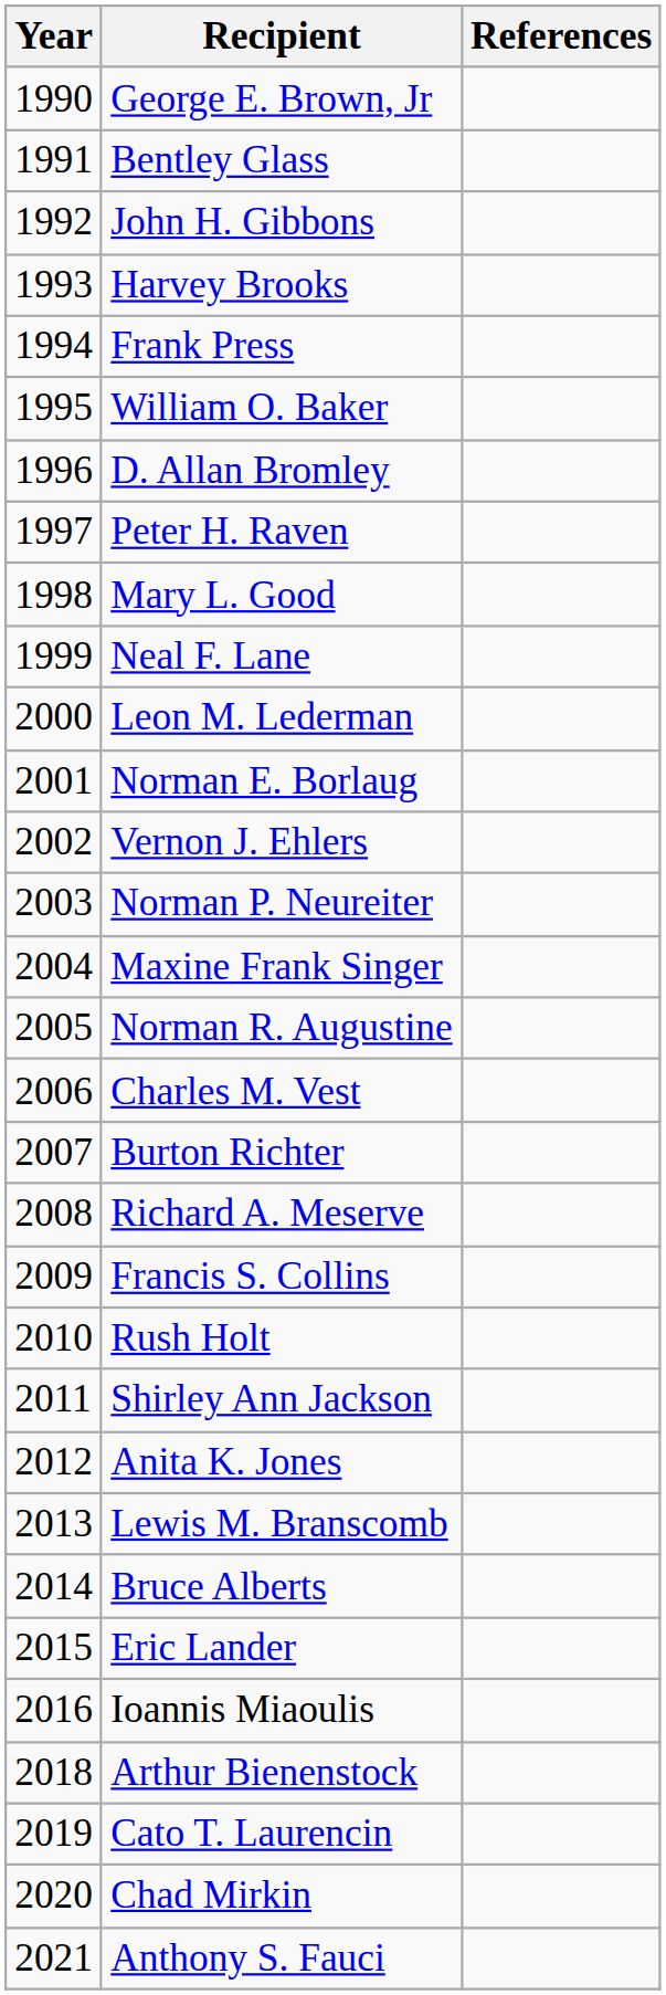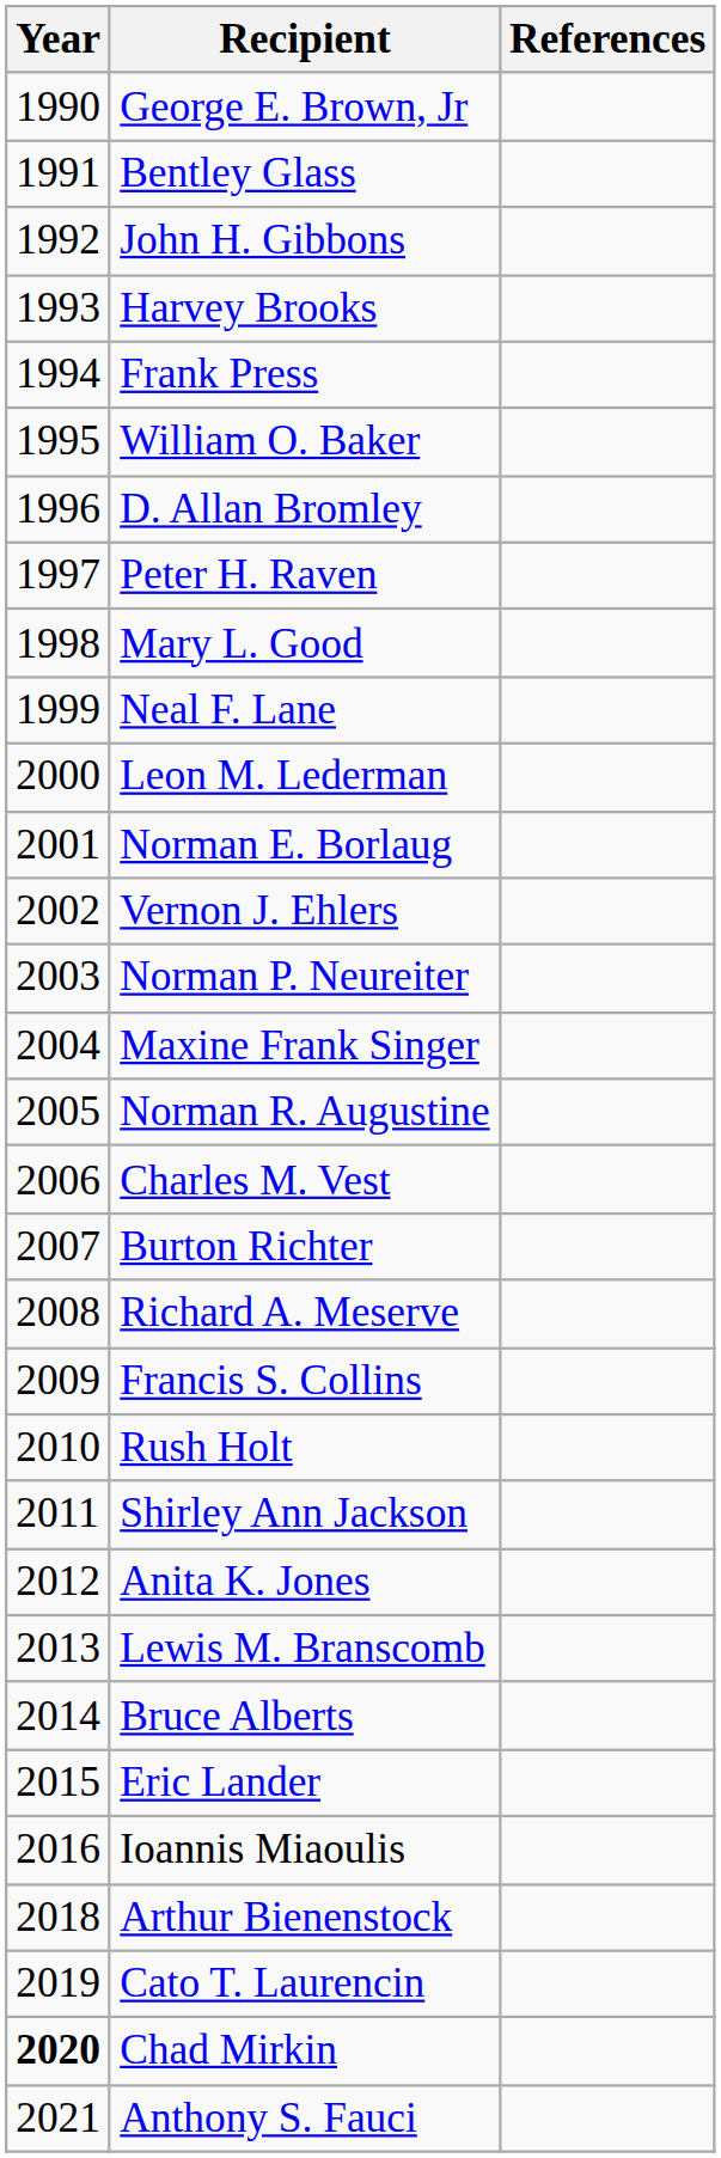 <table class="wikitable">
 <tr ---->
 <th>Year</th>
 <th>Recipient</th>
 <th>References</th>
 </tr>
 <tr ---->
 <td>1990</td>
 <td><a href='#'>George E. Brown, Jr</a></td>
 <td></td>
 </tr>
 <tr ---->
 <td>1991</td>
 <td><a href='#'>Bentley Glass</a></td>
 <td></td>
 </tr>
 <tr ---->
 <td>1992</td>
 <td><a href='#'>John H. Gibbons</a></td>
 <td></td>
 </tr>
 <tr ---->
 <td>1993</td>
 <td><a href='#'>Harvey Brooks</a></td>
 <td></td>
 </tr>
 <tr ---->
 <td>1994</td>
 <td><a href='#'>Frank Press</a></td>
 <td></td>
 </tr>
 <tr ---->
 <td>1995</td>
 <td><a href='#'>William O. Baker</a></td>
 <td></td>
 </tr>
 <tr ---->
 <td>1996</td>
 <td><a href='#'>D. Allan Bromley</a></td>
 <td></td>
 </tr>
 <tr ---->
 <td>1997</td>
 <td><a href='#'>Peter H. Raven</a></td>
 <td></td>
 </tr>
 <tr ---->
 <td>1998</td>
 <td><a href='#'>Mary L. Good</a></td>
 <td></td>
 </tr>
 <tr ---->
 <td>1999</td>
 <td><a href='#'>Neal F. Lane</a></td>
 <td></td>
 </tr>
 <tr ---->
 <td>2000</td>
 <td><a href='#'>Leon M. Lederman</a></td>
 <td></td>
 </tr>
 <tr ---->
 <td>2001</td>
 <td><a href='#'>Norman E. Borlaug</a></td>
 <td></td>
 </tr>
 <tr ---->
 <td>2002</td>
 <td><a href='#'>Vernon J. Ehlers</a></td>
 <td></td>
 </tr>
 <tr ---->
 <td>2003</td>
 <td><a href='#'>Norman P. Neureiter</a></td>
 <td></td>
 </tr>
 <tr ---->
 <td>2004</td>
 <td><a href='#'>Maxine Frank Singer</a></td>
 <td></td>
 </tr>
 <tr ---->
 <td>2005</td>
 <td><a href='#'>Norman R. Augustine</a></td>
 <td></td>
 </tr>
 <tr ---->
 <td>2006</td>
 <td><a href='#'>Charles M. Vest</a></td>
 <td></td>
 </tr>
 <tr ---->
 <td>2007</td>
 <td><a href='#'>Burton Richter</a></td>
 <td></td>
 </tr>
 <tr ---->
 <td>2008</td>
 <td><a href='#'>Richard A. Meserve</a></td>
 <td></td>
 </tr>
 <tr ---->
 <td>2009</td>
 <td><a href='#'>Francis S. Collins</a></td>
 <td></td>
 </tr>
 <tr ---->
 <td>2010</td>
 <td><a href='#'>Rush Holt</a></td>
 <td></td>
 </tr>
 <tr ---->
 <td>2011</td>
 <td><a href='#'>Shirley Ann Jackson</a></td>
 <td></td>
 </tr>
 <tr ---->
 <td>2012</td>
 <td><a href='#'>Anita K. Jones</a></td>
 <td></td>
 </tr>
 <tr ---->
 <td>2013</td>
 <td><a href='#'>Lewis M. Branscomb</a></td>
 <td></td>
 </tr>
 <tr ---->
 <td>2014</td>
 <td><a href='#'>Bruce Alberts</a></td>
 <td></td>
 </tr>
 <tr ---->
 <td>2015</td>
 <td><a href='#'>Eric Lander</a></td>
 <td></td>
 </tr>
 <tr ---->
 <td>2016</td>
 <td>Ioannis Miaoulis</td>
 <td></td>
 </tr>
 <tr ---->
 <td>2018</td>
 <td><a href='#'>Arthur Bienenstock</a></td>
 <td></td>
 </tr>
 <tr ---->
 <td>2019</td>
 <td><a href='#'>Cato T. Laurencin</a></td>
 <td></td>
 </tr>
 <tr ---->
-<td>2020</td>
+<td><strong>2020</strong></td>
 <td><a href='#'>Chad Mirkin</a></td>
 <td></td>
 </tr>
 <tr ---->
 <td>2021</td>
 <td><a href='#'>Anthony S. Fauci</a></td>
 </tr>
 </table>
